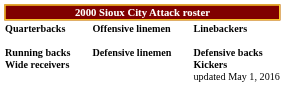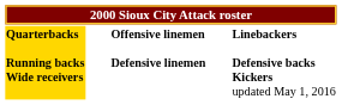 <table class="toccolours" style="text-align: left;">
 <tr>
 <th colspan=7 style="background:maroon; border: 2px solid #FFD12A; color:white; text-align:center;"><strong>2000 Sioux City Attack roster</strong></th>
 </tr>
 <tr>
-<td style="font-size: 95%;vertical-align:top;"><strong>Quarterbacks</strong><br><br><strong>Running backs</strong>  <br><strong>Wide receivers</strong>   </td>
+<td style="background: gold; font-size: 95%;vertical-align:top;"><strong>Quarterbacks</strong><br><br><strong>Running backs</strong>  <br><strong>Wide receivers</strong>   </td>
 <td style="width: 25px;"></td>
 <td style="font-size: 95%;vertical-align:top;"><strong>Offensive linemen</strong><br>  <br><strong>Defensive linemen</strong>    </td>
 <td style="width: 25px;"></td>
 <td style="font-size: 95%;vertical-align:top;"><strong>Linebackers</strong><br> <br><strong>Defensive backs</strong>    <br><strong>Kickers</strong> <br> updated May 1, 2016</td>
 </tr>
 </table>
